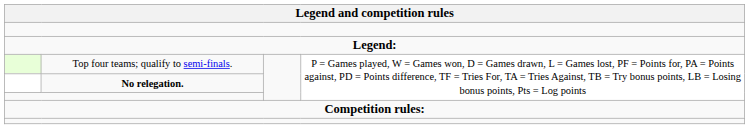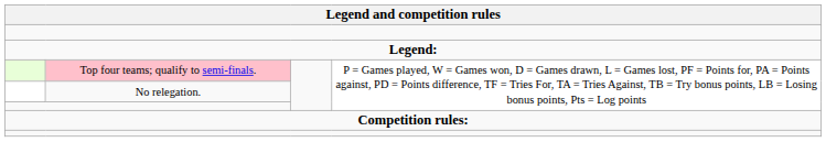 <table class="wikitable collapsible collapsed" style="text-align:center; line-height:100%; font-size:100%; width:60%;">
 <tr>
 <th colspan="4" style="border:0px">Legend and competition rules</th>
 </tr>
 <tr>
 <td colspan="4" style="height:10px"></td>
 </tr>
 <tr>
 <td colspan="4" style="border:0px"><strong>Legend:</strong></td>
 </tr>
 <tr>
 <td style="height:10px; width:5%; background:#E8FFD8;"></td>
-<td style="width:30%;"><small>Top four teams; qualify to <a href='#'>semi-finals</a>.</small></td>
+<td style="background: pink; width:30%;"><small>Top four teams; qualify to <a href='#'>semi-finals</a>.</small></td>
 <td rowspan="3" style="width:5%;"></td>
 <td rowspan="3" style="width:60%; background:#FFFFFF;"><small>P = Games played, W = Games won, D = Games drawn, L = Games lost, PF = Points for, PA = Points against, PD = Points difference, TF = Tries For, TA = Tries Against, TB = Try bonus points, LB = Losing bonus points, Pts = Log points</small></td>
 </tr>
 <tr>
 <td style="height:10px; width:5%; background:#FFFFFF;"></td>
-<td><strong><small>No relegation.</small></strong></td>
+<td><small>No relegation.</small></td>
 </tr>
 <tr>
 <td colspan="2"></td>
 </tr>
 <tr>
 <td colspan="4" style="border:0px"><strong>Competition rules:</strong></td>
 </tr>
 <tr>
 <td colspan="4"></td>
 </tr>
 </table>
